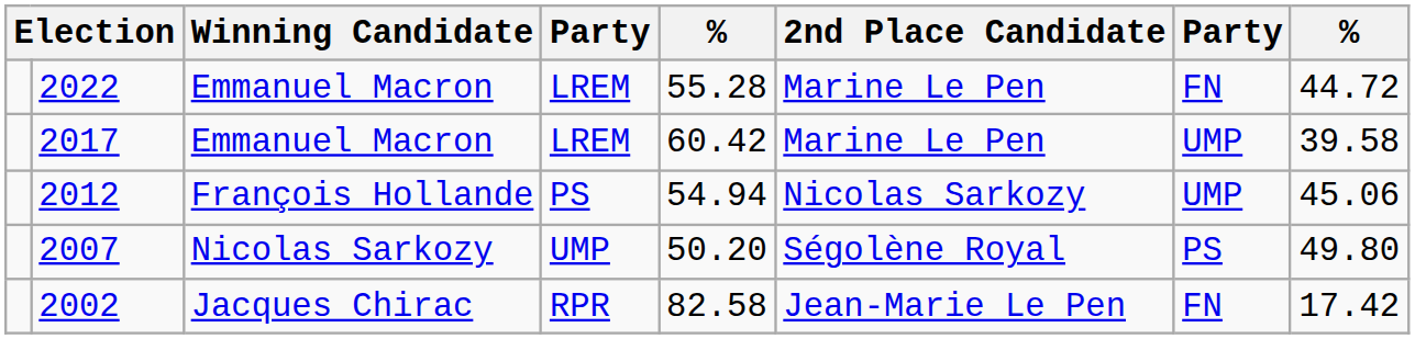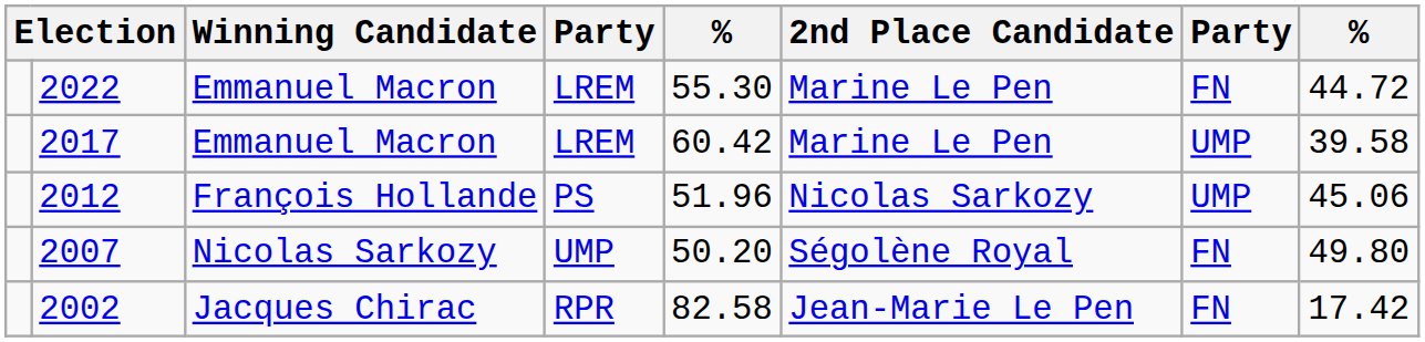 <table class="wikitable">
 <tr>
 <th colspan="2">Election</th>
 <th>Winning Candidate</th>
 <th>Party</th>
 <th>%</th>
 <th>2nd Place Candidate</th>
 <th>Party</th>
 <th>%</th>
 </tr>
 <tr>
 <td style="background-color: "></td>
 <td><a href='#'>2022</a></td>
 <td><a href='#'>Emmanuel Macron</a></td>
 <td><a href='#'>LREM</a></td>
-<td>55.28</td>
+<td>55.30</td>
 <td><a href='#'>Marine Le Pen</a></td>
 <td><a href='#'>FN</a></td>
 <td>44.72</td>
 </tr>
 <tr>
 <td style="background-color: "></td>
 <td><a href='#'>2017</a></td>
 <td><a href='#'>Emmanuel Macron</a></td>
 <td><a href='#'>LREM</a></td>
 <td>60.42</td>
 <td><a href='#'>Marine Le Pen</a></td>
 <td><a href='#'>UMP</a></td>
 <td>39.58</td>
 </tr>
 <tr>
 <td style="background-color: "></td>
 <td><a href='#'>2012</a></td>
 <td><a href='#'>François Hollande</a></td>
 <td><a href='#'>PS</a></td>
-<td>54.94</td>
+<td>51.96</td>
 <td><a href='#'>Nicolas Sarkozy</a></td>
 <td><a href='#'>UMP</a></td>
 <td>45.06</td>
 </tr>
 <tr>
 <td style="background-color: "></td>
 <td><a href='#'>2007</a></td>
 <td><a href='#'>Nicolas Sarkozy</a></td>
 <td><a href='#'>UMP</a></td>
 <td>50.20</td>
 <td><a href='#'>Ségolène Royal</a></td>
-<td><a href='#'>PS</a></td>
+<td><a href='#'>FN</a></td>
 <td>49.80</td>
 </tr>
 <tr>
 <td style="background-color: "></td>
 <td><a href='#'>2002</a></td>
 <td><a href='#'>Jacques Chirac</a></td>
 <td><a href='#'>RPR</a></td>
 <td>82.58</td>
 <td><a href='#'>Jean-Marie Le Pen</a></td>
 <td><a href='#'>FN</a></td>
 <td>17.42</td>
 </tr>
 </table>
